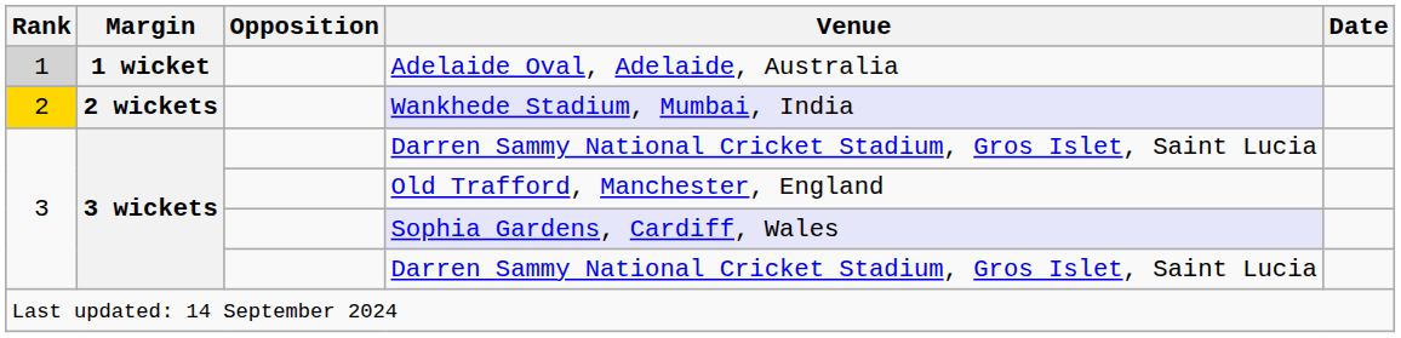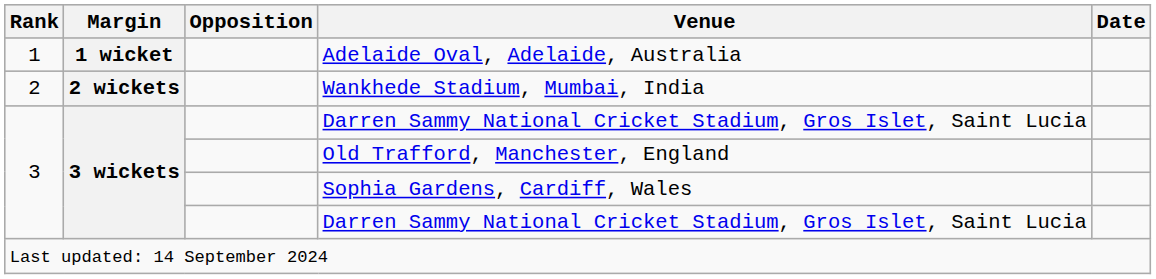 <table class="wikitable plainrowheaders">
 <tr>
 <th scope=col>Rank</th>
 <th scope=col>Margin</th>
 <th scope=col>Opposition</th>
 <th scope=col>Venue</th>
 <th scope=col>Date</th>
 </tr>
 <tr>
-<td align=center style="background: lightgrey;">1</td>
+<td align=center>1</td>
 <th scope=row style=text-align:center>1 wicket</th>
 <td></td>
 <td><a href='#'>Adelaide Oval</a>, <a href='#'>Adelaide</a>, Australia</td>
 <td></td>
 </tr>
 <tr>
-<td align=center style="background: gold;">2</td>
+<td align=center>2</td>
 <th scope=row style=text-align:center>2 wickets</th>
 <td></td>
-<td style="background: lavender;"><a href='#'>Wankhede Stadium</a>, <a href='#'>Mumbai</a>, India</td>
+<td><a href='#'>Wankhede Stadium</a>, <a href='#'>Mumbai</a>, India</td>
 <td> </td>
 </tr>
 <tr>
 <td align=center rowspan=4>3</td>
 <th scope=row style=text-align:center rowspan=4>3 wickets</th>
 <td></td>
 <td><a href='#'>Darren Sammy National Cricket Stadium</a>, <a href='#'>Gros Islet</a>, Saint Lucia</td>
 <td> </td>
 </tr>
 <tr>
 <td></td>
 <td><a href='#'>Old Trafford</a>, <a href='#'>Manchester</a>, England</td>
 <td></td>
 </tr>
 <tr>
 <td></td>
-<td style="background: lavender;"><a href='#'>Sophia Gardens</a>, <a href='#'>Cardiff</a>, Wales</td>
+<td><a href='#'>Sophia Gardens</a>, <a href='#'>Cardiff</a>, Wales</td>
 <td></td>
 </tr>
 <tr>
 <td></td>
 <td><a href='#'>Darren Sammy National Cricket Stadium</a>, <a href='#'>Gros Islet</a>, Saint Lucia</td>
 <td></td>
 </tr>
 <tr>
 <td colspan=6><small>Last updated: 14 September 2024</small></td>
 </tr>
 </table>
